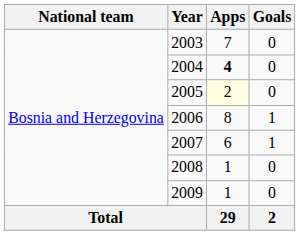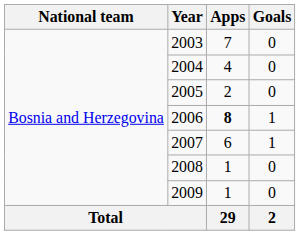 <table class="wikitable" style="text-align:center">
 <tr>
 <th>National team</th>
 <th>Year</th>
 <th>Apps</th>
 <th>Goals</th>
 </tr>
 <tr>
 <td rowspan="7"><a href='#'>Bosnia and Herzegovina</a></td>
 <td>2003</td>
 <td>7</td>
 <td>0</td>
 </tr>
 <tr>
 <td>2004</td>
-<td><strong>4</strong></td>
+<td>4</td>
 <td>0</td>
 </tr>
 <tr>
 <td>2005</td>
-<td style="background: lightyellow;">2</td>
+<td>2</td>
 <td>0</td>
 </tr>
 <tr>
 <td>2006</td>
-<td>8</td>
+<td><strong>8</strong></td>
 <td>1</td>
 </tr>
 <tr>
 <td>2007</td>
 <td>6</td>
 <td>1</td>
 </tr>
 <tr>
 <td>2008</td>
 <td>1</td>
 <td>0</td>
 </tr>
 <tr>
 <td>2009</td>
 <td>1</td>
 <td>0</td>
 </tr>
 <tr>
 <th colspan="2">Total</th>
 <th>29</th>
 <th>2</th>
 </tr>
 </table>
